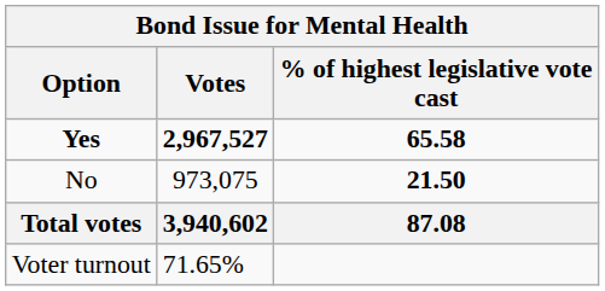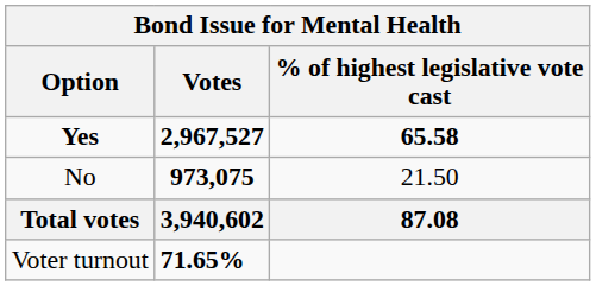 <table class="wikitable">
 <tr>
 <th colspan=4 text align=center>Bond Issue for Mental Health</th>
 </tr>
 <tr>
 <th>Option</th>
 <th>Votes</th>
 <th>% of highest legislative vote<br>cast</th>
 </tr>
 <tr>
 <td text align=center><strong>Yes</strong></td>
 <td text align=center><strong>2,967,527</strong></td>
 <td text align=center><strong>65.58</strong></td>
 </tr>
 <tr>
 <td text align=center>No</td>
-<td text align=center>973,075</td>
-<td text align=center><strong>21.50</strong></td>
+<td text align=center><strong>973,075</strong></td>
+<td text align=center>21.50</td>
 </tr>
 <tr>
 <th text align=center>Total votes</th>
 <th text align=center><strong>3,940,602</strong></th>
 <th text align=center><strong>87.08</strong></th>
 </tr>
 <tr>
 <td>Voter turnout</td>
-<td>71.65%</td>
+<td><strong>71.65%</strong></td>
 </tr>
 </table>
